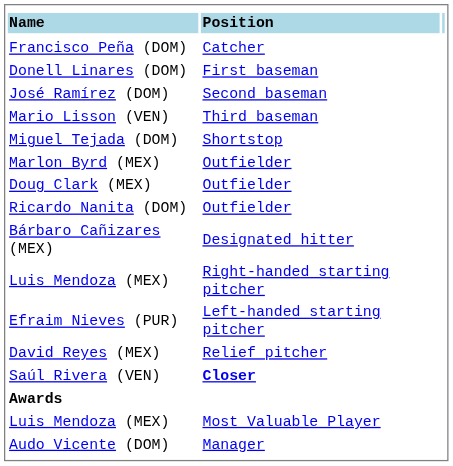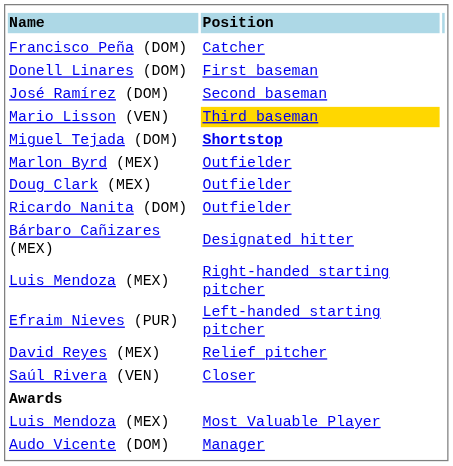 <table cellpadding="1" width="350px" style="font-size: 90%; border: 1px solid gray;">
 <tr align="center" style="font-size: larger;">
 <td colspan=6></td>
 </tr>
 <tr style="background:lightblue;">
 <td><strong>Name</strong></td>
 <td><strong>Position</strong></td>
 <td></td>
 </tr>
 <tr align="center" style="vertical-align: middle;" style="background:lightblue;">
 </tr>
 <tr>
 <td><a href='#'>Francisco Peña</a> (DOM)</td>
 <td><a href='#'>Catcher</a></td>
 </tr>
 <tr>
 <td><a href='#'>Donell Linares</a> (DOM)</td>
 <td><a href='#'>First baseman</a></td>
 </tr>
 <tr>
 <td><a href='#'>José Ramírez</a> (DOM)</td>
 <td><a href='#'>Second baseman</a></td>
 </tr>
 <tr>
 <td><a href='#'>Mario Lisson</a> (VEN)</td>
-<td><a href='#'>Third baseman</a></td>
+<td style="background: gold;"><a href='#'>Third baseman</a></td>
 </tr>
 <tr>
 <td><a href='#'>Miguel Tejada</a> (DOM)</td>
-<td><a href='#'>Shortstop</a></td>
+<td><strong><a href='#'>Shortstop</a></strong></td>
 </tr>
 <tr>
 <td><a href='#'>Marlon Byrd</a> (MEX)</td>
 <td><a href='#'>Outfielder</a></td>
 </tr>
 <tr>
 <td><a href='#'>Doug Clark</a> (MEX)</td>
 <td><a href='#'>Outfielder</a></td>
 </tr>
 <tr>
 <td><a href='#'>Ricardo Nanita</a> (DOM)</td>
 <td><a href='#'>Outfielder</a></td>
 </tr>
 <tr>
 <td><a href='#'>Bárbaro Cañizares</a> (MEX)</td>
 <td><a href='#'>Designated hitter</a></td>
 </tr>
 <tr>
 <td><a href='#'>Luis Mendoza</a> (MEX)</td>
 <td><a href='#'>Right-handed starting pitcher</a></td>
 </tr>
 <tr>
 <td><a href='#'>Efraim Nieves</a> (PUR)</td>
 <td><a href='#'>Left-handed starting pitcher</a></td>
 </tr>
 <tr>
 <td><a href='#'>David Reyes</a> (MEX)</td>
 <td><a href='#'>Relief pitcher</a></td>
 </tr>
 <tr>
 <td><a href='#'>Saúl Rivera</a> (VEN)</td>
-<td><strong><a href='#'>Closer</a></strong></td>
+<td><a href='#'>Closer</a></td>
 </tr>
 <tr>
 <td><strong>Awards</strong></td>
 </tr>
 <tr>
 <td><a href='#'>Luis Mendoza</a> (MEX)</td>
 <td><a href='#'>Most Valuable Player</a></td>
 </tr>
 <tr>
 <td><a href='#'>Audo Vicente</a> (DOM)</td>
 <td><a href='#'>Manager</a></td>
 </tr>
 <tr>
 </tr>
 </table>
